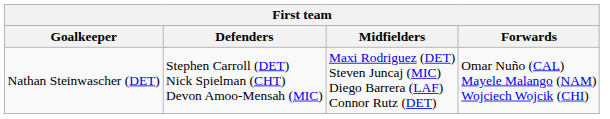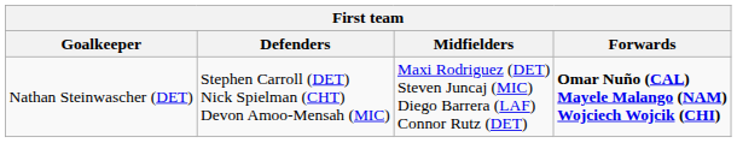 <table class="wikitable">
 <tr>
 <th colspan="4">First team</th>
 </tr>
 <tr>
 <th>Goalkeeper</th>
 <th>Defenders</th>
 <th>Midfielders</th>
 <th>Forwards</th>
 </tr>
 <tr>
 <td> Nathan Steinwascher (<a href='#'>DET</a>)</td>
 <td> Stephen Carroll (<a href='#'>DET</a>)<br> Nick Spielman (<a href='#'>CHT</a>)<br> Devon Amoo-Mensah (<a href='#'>MIC</a>)</td>
 <td> <a href='#'>Maxi Rodriguez</a> (<a href='#'>DET</a>)<br> Steven Juncaj (<a href='#'>MIC</a>)<br> Diego Barrera (<a href='#'>LAF</a>)<br> Connor Rutz (<a href='#'>DET</a>)</td>
-<td> Omar Nuño (<a href='#'>CAL</a>)<br> <a href='#'>Mayele Malango</a> (<a href='#'>NAM</a>)<br> <a href='#'>Wojciech Wojcik</a> (<a href='#'>CHI</a>)</td>
+<td><strong> Omar Nuño (<a href='#'>CAL</a>)<br> <a href='#'>Mayele Malango</a> (<a href='#'>NAM</a>)<br> <a href='#'>Wojciech Wojcik</a> (<a href='#'>CHI</a>)</strong></td>
 </tr>
 </table>
